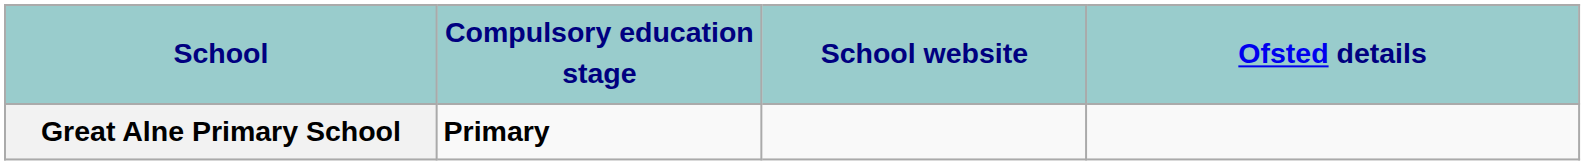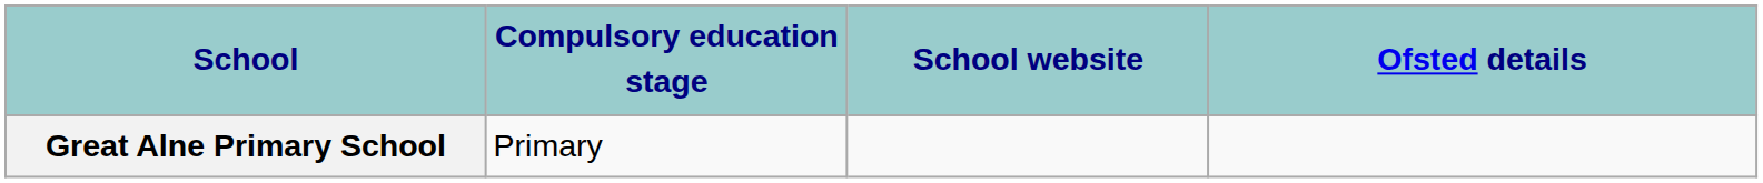 <table class="wikitable sortable" style="font-size:90%;width:90%;border:0px;text-align:left;line-height:150%;">
 <tr>
 <th style="background: #99CCCC; color: #000080" height="17" width="175">School</th>
 <th style="background: #99CCCC; color: #000080" height="17" width="130">Compulsory education stage</th>
 <th style="background: #99CCCC; color: #000080" height="17" width="130">School website</th>
 <th style="background: #99CCCC; color: #000080" height="17" width="200"><a href='#'>Ofsted</a> details</th>
 </tr>
 <tr>
 <th>Great Alne Primary School</th>
-<td><strong>Primary</strong></td>
+<td>Primary</td>
 <td></td>
 <td></td>
 </tr>
 <tr>
 </tr>
 </table>
